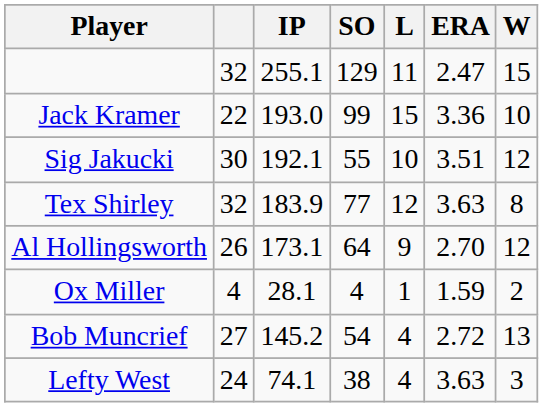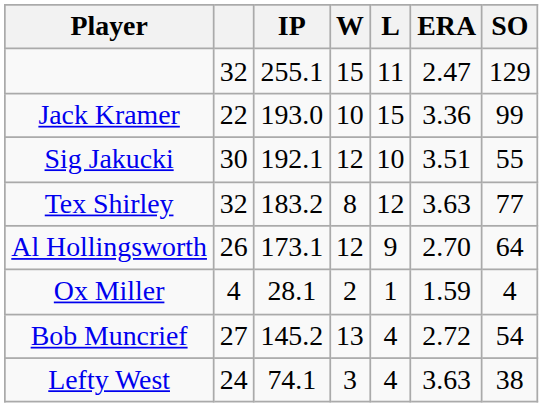 <table class="wikitable sortable">
 <tr>
 <th>Player</th>
 <th></th>
 <th>IP</th>
-<th>SO</th>
+<th>W</th>
 <th>L</th>
 <th>ERA</th>
-<th>W</th>
+<th>SO</th>
 </tr>
 <tr align="center">
 <td></td>
 <td>32</td>
 <td>255.1</td>
-<td>129</td>
+<td>15</td>
 <td>11</td>
 <td>2.47</td>
-<td>15</td>
+<td>129</td>
 </tr>
 <tr align="center">
 <td><a href='#'>Jack Kramer</a></td>
 <td>22</td>
 <td>193.0</td>
-<td>99</td>
+<td>10</td>
 <td>15</td>
 <td>3.36</td>
-<td>10</td>
+<td>99</td>
 </tr>
 <tr align="center">
 <td><a href='#'>Sig Jakucki</a></td>
 <td>30</td>
 <td>192.1</td>
-<td>55</td>
+<td>12</td>
 <td>10</td>
 <td>3.51</td>
-<td>12</td>
+<td>55</td>
 </tr>
 <tr align="center">
 <td><a href='#'>Tex Shirley</a></td>
 <td>32</td>
-<td>183.9</td>
-<td>77</td>
+<td>183.2</td>
+<td>8</td>
 <td>12</td>
 <td>3.63</td>
-<td>8</td>
+<td>77</td>
 </tr>
 <tr align="center">
 <td><a href='#'>Al Hollingsworth</a></td>
 <td>26</td>
 <td>173.1</td>
-<td>64</td>
+<td>12</td>
 <td>9</td>
 <td>2.70</td>
-<td>12</td>
+<td>64</td>
 </tr>
 <tr align="center">
 <td><a href='#'>Ox Miller</a></td>
 <td>4</td>
 <td>28.1</td>
-<td>4</td>
+<td>2</td>
 <td>1</td>
 <td>1.59</td>
-<td>2</td>
+<td>4</td>
 </tr>
 <tr align="center">
 <td><a href='#'>Bob Muncrief</a></td>
 <td>27</td>
 <td>145.2</td>
-<td>54</td>
+<td>13</td>
 <td>4</td>
 <td>2.72</td>
-<td>13</td>
+<td>54</td>
 </tr>
 <tr align="center">
 <td><a href='#'>Lefty West</a></td>
 <td>24</td>
 <td>74.1</td>
-<td>38</td>
+<td>3</td>
 <td>4</td>
 <td>3.63</td>
-<td>3</td>
+<td>38</td>
 </tr>
 </table>
